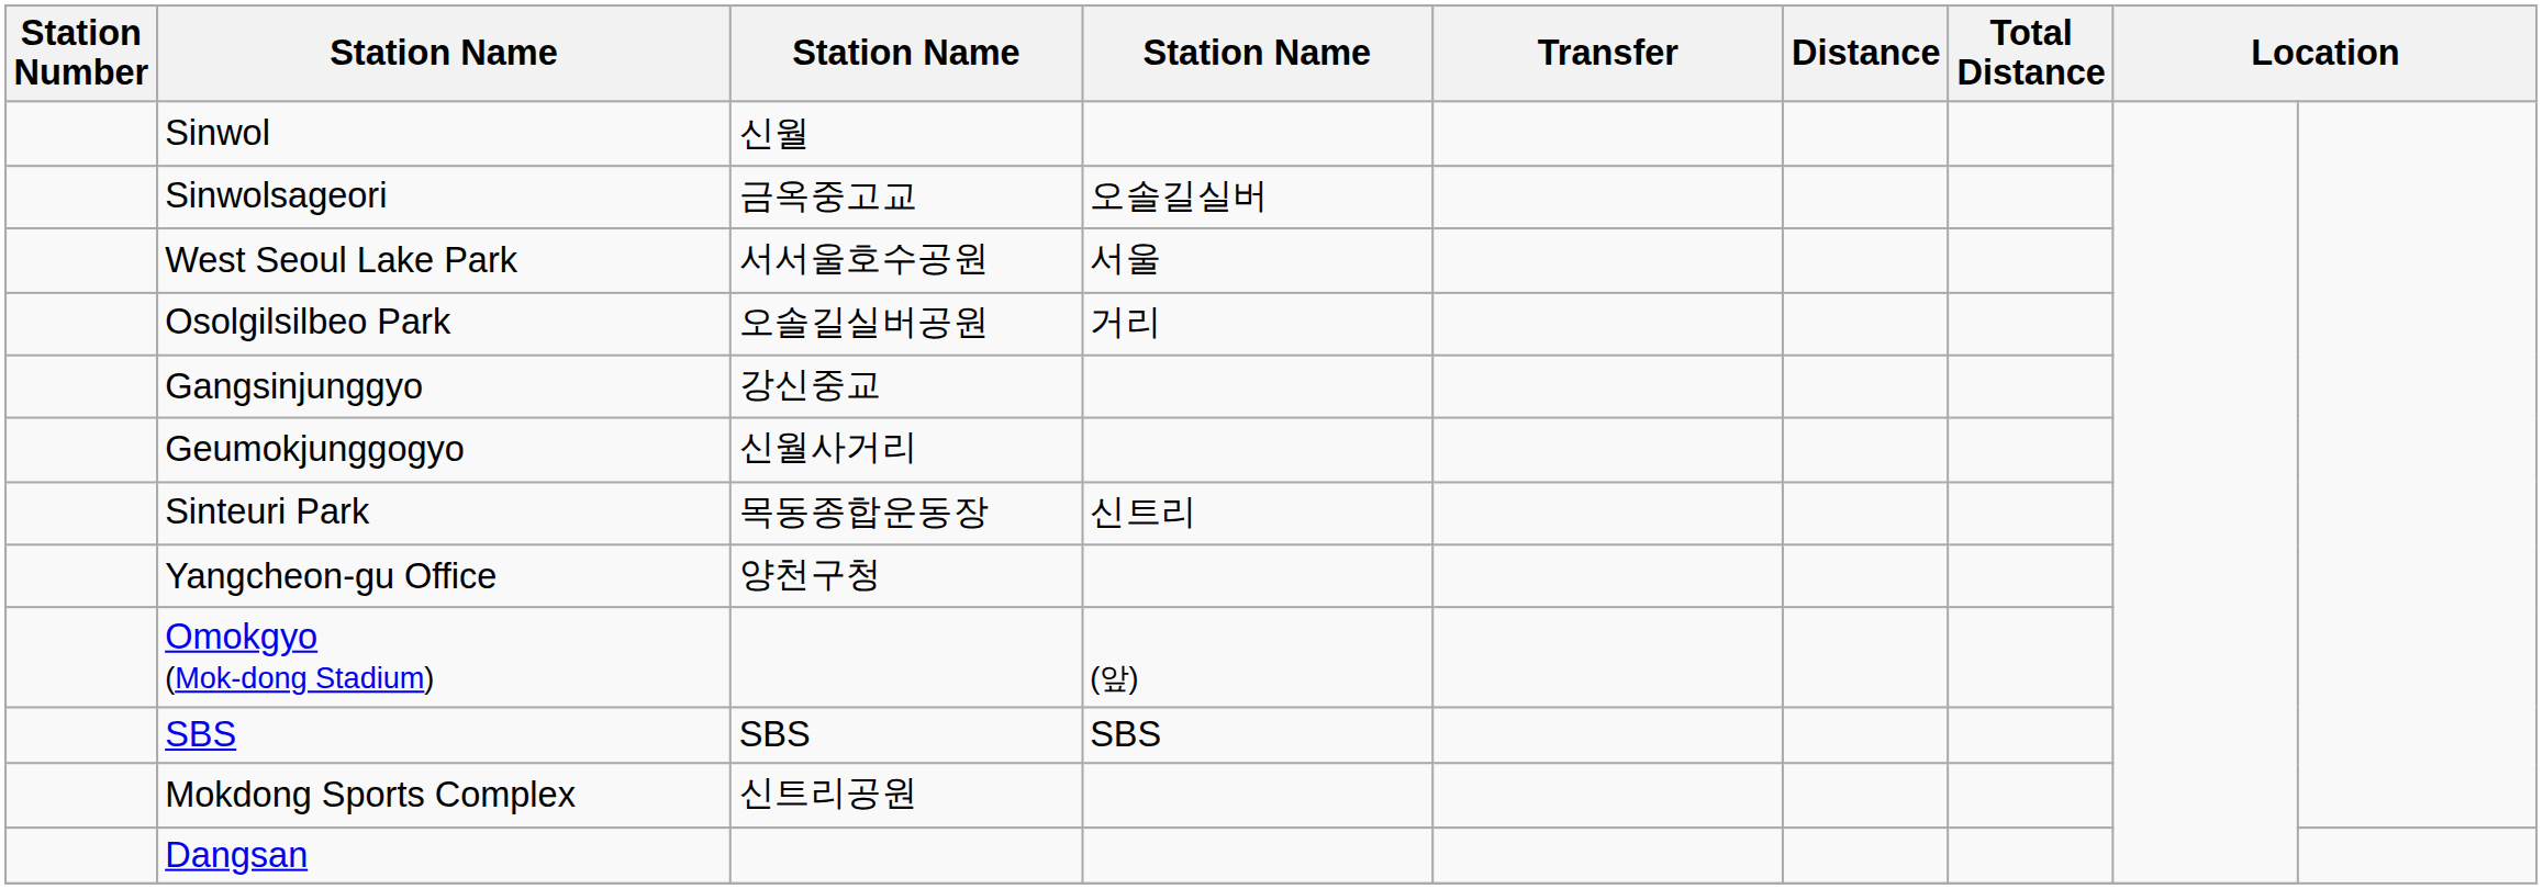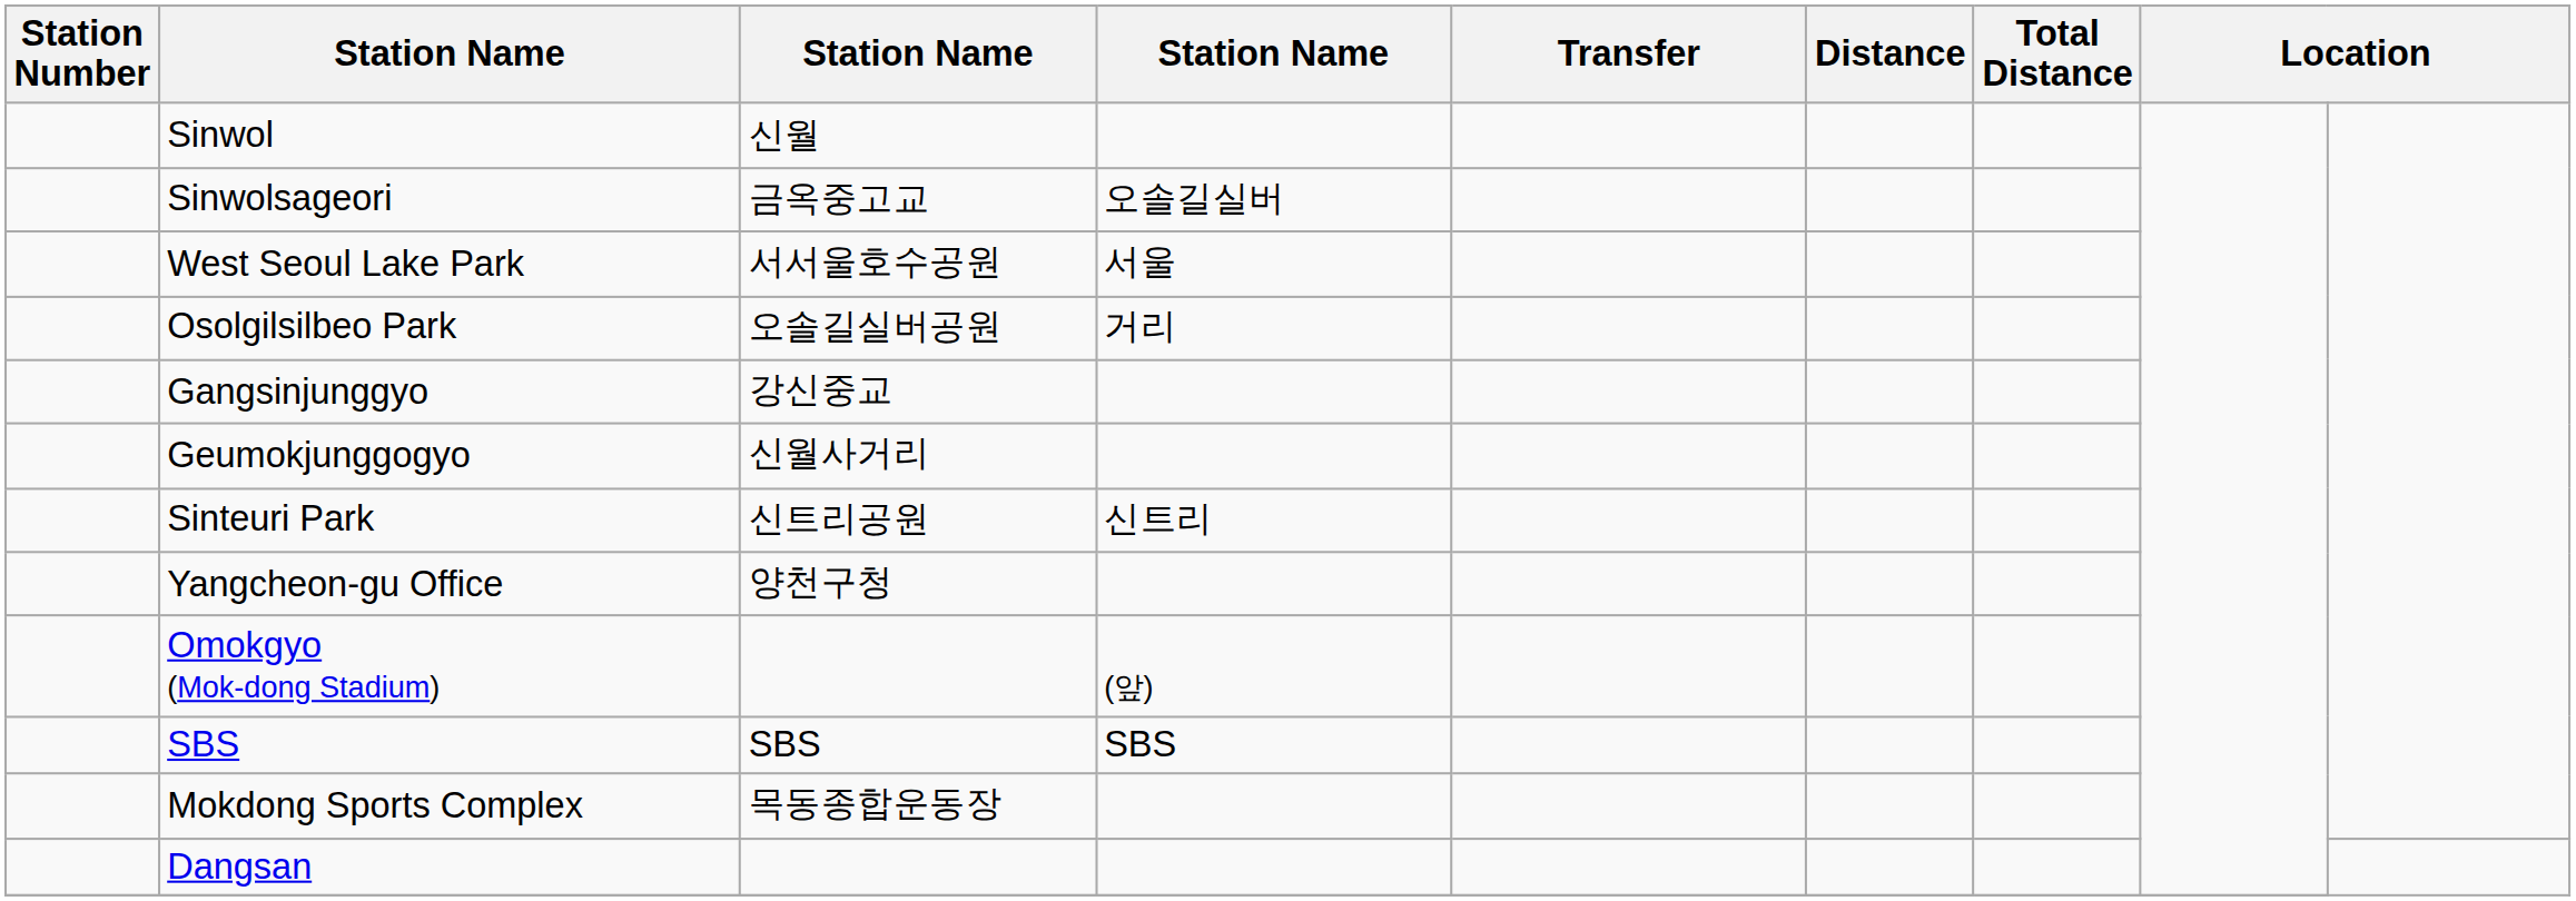 <table class="wikitable">
 <tr>
 <th>Station<br>Number</th>
 <th width = "250pt">Station Name<br></th>
 <th width = "150pt">Station Name<br></th>
 <th width = "150pt">Station Name<br></th>
 <th width = "150pt">Transfer</th>
 <th>Distance<br></th>
 <th>Total<br>Distance</th>
 <th colspan = "3">Location</th>
 </tr>
 <tr>
 <td></td>
 <td>Sinwol</td>
 <td>신월</td>
 <td></td>
 <td></td>
 <td></td>
 <td></td>
 <td rowspan = "12" width = "75pt"></td>
 <td rowspan = "11" width = "100pt"></td>
 </tr>
 <tr>
 <td></td>
 <td>Sinwolsageori</td>
 <td>금옥중고교</td>
 <td>오솔길실버</td>
 <td></td>
 <td></td>
 <td></td>
 </tr>
 <tr>
 <td></td>
 <td>West Seoul Lake Park</td>
 <td>서서울호수공원</td>
 <td>서울</td>
 <td></td>
 <td></td>
 <td></td>
 </tr>
 <tr>
 <td></td>
 <td>Osolgilsilbeo Park</td>
 <td>오솔길실버공원</td>
 <td>거리</td>
 <td></td>
 <td></td>
 <td></td>
 </tr>
 <tr>
 <td></td>
 <td>Gangsinjunggyo</td>
 <td>강신중교</td>
 <td></td>
 <td></td>
 <td></td>
 <td></td>
 </tr>
 <tr>
 <td></td>
 <td>Geumokjunggogyo</td>
 <td>신월사거리</td>
 <td></td>
 <td></td>
 <td></td>
 <td></td>
 </tr>
 <tr>
 <td></td>
 <td>Sinteuri Park</td>
-<td>목동종합운동장</td>
+<td>신트리공원</td>
 <td>신트리</td>
 <td></td>
 <td></td>
 <td></td>
 </tr>
 <tr>
 <td></td>
 <td>Yangcheon-gu Office</td>
 <td>양천구청</td>
 <td></td>
 <td></td>
 <td></td>
 <td></td>
 </tr>
 <tr>
 <td></td>
 <td><a href='#'>Omokgyo</a> <br><small>(<a href='#'>Mok-dong Stadium</a>)</small></td>
 <td></td>
 <td> <br><small>(앞)</small></td>
 <td></td>
 <td></td>
 <td></td>
 </tr>
 <tr>
 <td></td>
 <td><a href='#'>SBS</a></td>
 <td>SBS</td>
 <td>SBS</td>
 <td></td>
 <td></td>
 <td></td>
 </tr>
 <tr>
 <td></td>
 <td>Mokdong Sports Complex</td>
-<td>신트리공원</td>
+<td>목동종합운동장</td>
 <td></td>
 <td></td>
 <td></td>
 <td></td>
 </tr>
 <tr>
 <td></td>
 <td><a href='#'>Dangsan</a></td>
 <td></td>
 <td></td>
 <td> </td>
 <td></td>
 <td></td>
 <td rowspan = "5"></td>
 </tr>
 <tr>
 </tr>
 <tr>
 </tr>
 </table>
